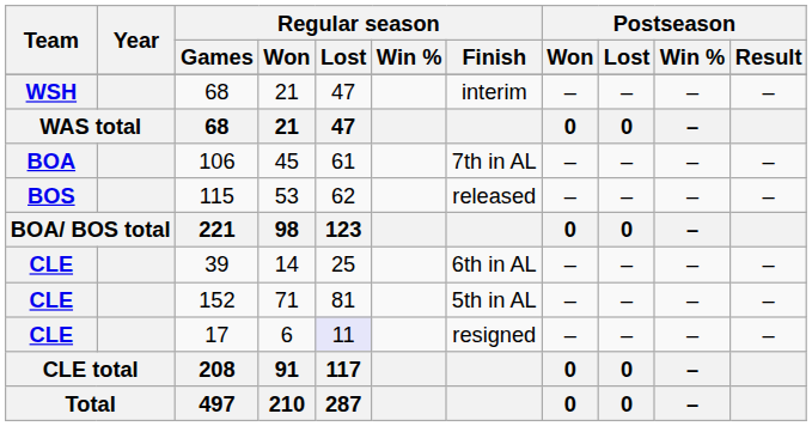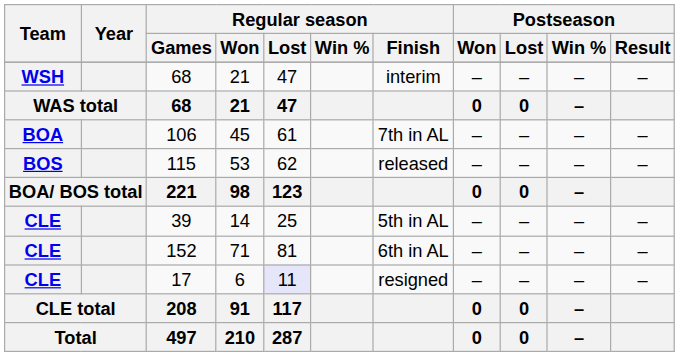 <table class="wikitable" style="font-size: 95%; text-align:center;">
 <tr>
 <th rowspan="2">Team</th>
 <th rowspan="2">Year</th>
 <th colspan="5">Regular season</th>
 <th colspan="4">Postseason</th>
 </tr>
 <tr>
 <th>Games</th>
 <th>Won</th>
 <th>Lost</th>
 <th>Win %</th>
 <th>Finish</th>
 <th>Won</th>
 <th>Lost</th>
 <th>Win %</th>
 <th>Result</th>
 </tr>
 <tr>
 </tr>
 <tr>
 <th><a href='#'>WSH</a></th>
 <th></th>
 <td>68</td>
 <td>21</td>
 <td>47</td>
 <td></td>
 <td>interim</td>
 <td>–</td>
 <td>–</td>
 <td>–</td>
 <td>–</td>
 </tr>
 <tr>
 <th colspan="2">WAS total</th>
 <th>68</th>
 <th>21</th>
 <th>47</th>
 <th></th>
 <th></th>
 <th>0</th>
 <th>0</th>
 <th>–</th>
 <th></th>
 </tr>
 <tr>
 <th><a href='#'>BOA</a></th>
 <th></th>
 <td>106</td>
 <td>45</td>
 <td>61</td>
 <td></td>
 <td>7th in AL</td>
 <td>–</td>
 <td>–</td>
 <td>–</td>
 <td>–</td>
 </tr>
 <tr>
 <th><a href='#'>BOS</a></th>
 <th></th>
 <td>115</td>
 <td>53</td>
 <td>62</td>
 <td></td>
 <td>released</td>
 <td>–</td>
 <td>–</td>
 <td>–</td>
 <td>–</td>
 </tr>
 <tr>
 <th colspan="2">BOA/ BOS total</th>
 <th>221</th>
 <th>98</th>
 <th>123</th>
 <th></th>
 <th></th>
 <th>0</th>
 <th>0</th>
 <th>–</th>
 <th></th>
 </tr>
 <tr>
 <th><a href='#'>CLE</a></th>
 <th></th>
 <td>39</td>
 <td>14</td>
 <td>25</td>
 <td></td>
-<td>6th in AL</td>
+<td>5th in AL</td>
 <td>–</td>
 <td>–</td>
 <td>–</td>
 <td>–</td>
 </tr>
 <tr>
 <th><a href='#'>CLE</a></th>
 <th></th>
 <td>152</td>
 <td>71</td>
 <td>81</td>
 <td></td>
-<td>5th in AL</td>
+<td>6th in AL</td>
 <td>–</td>
 <td>–</td>
 <td>–</td>
 <td>–</td>
 </tr>
 <tr>
 <th><a href='#'>CLE</a></th>
 <th></th>
 <td>17</td>
 <td>6</td>
 <td style="background: lavender;">11</td>
 <td></td>
 <td>resigned</td>
 <td>–</td>
 <td>–</td>
 <td>–</td>
 <td>–</td>
 </tr>
 <tr>
 <th colspan="2">CLE total</th>
 <th>208</th>
 <th>91</th>
 <th>117</th>
 <th></th>
 <th></th>
 <th>0</th>
 <th>0</th>
 <th>–</th>
 <th></th>
 </tr>
 <tr>
 <th colspan="2">Total</th>
 <th>497</th>
 <th>210</th>
 <th>287</th>
 <th></th>
 <th></th>
 <th>0</th>
 <th>0</th>
 <th>–</th>
 <th></th>
 </tr>
 </table>
